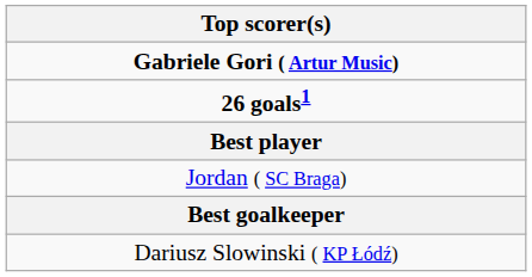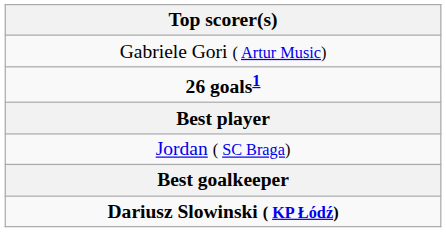 <table class="wikitable" style="margin: 1em auto 1em auto;">
 <tr>
 <th width=350 colspan=3>Top scorer(s)</th>
 </tr>
 <tr align=center style="background:">
-<td style="text-align:center;"><strong> Gabriele Gori <small>( <a href='#'>Artur Music</a>)</small></strong></td>
+<td style="text-align:center;"> Gabriele Gori <small>( <a href='#'>Artur Music</a>)</small></td>
 </tr>
 <tr>
 <td style="text-align:center;"><strong>26 goals</strong><sup><strong><a href='#'>1</a></strong></sup></td>
 </tr>
 <tr>
 <th colspan=3>Best player</th>
 </tr>
 <tr>
 <td style="text-align:center;"> <a href='#'>Jordan</a> <small>( <a href='#'>SC Braga</a>)</small></td>
 </tr>
 <tr>
 <th colspan=3>Best goalkeeper</th>
 </tr>
 <tr>
-<td style="text-align:center;"> Dariusz Slowinski <small>( <a href='#'>KP Łódź</a>)</small></td>
+<td style="text-align:center;"><strong> Dariusz Slowinski <small>( <a href='#'>KP Łódź</a>)</small></strong></td>
 </tr>
 </table>
